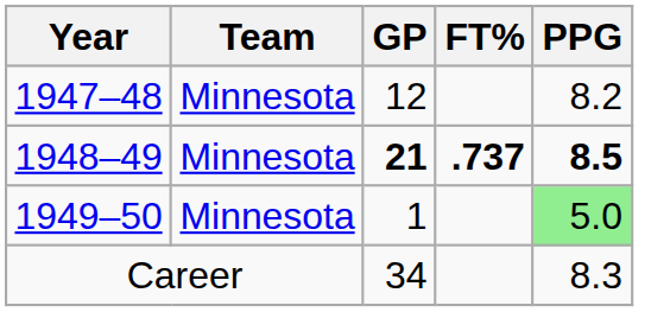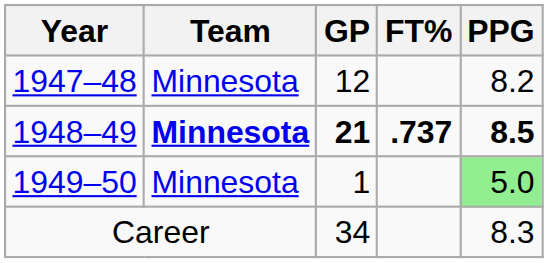 <table class="wikitable sortable" style="font-size:95%; text-align:right;">
 <tr>
 <th>Year</th>
 <th>Team</th>
 <th>GP</th>
 <th>FT%</th>
 <th>PPG</th>
 </tr>
 <tr>
 <td style="text-align:left;"><a href='#'>1947–48</a></td>
 <td style="text-align:left;"><a href='#'>Minnesota</a></td>
 <td>12</td>
 <td></td>
 <td>8.2</td>
 </tr>
 <tr>
 <td style="text-align:left;"><a href='#'>1948–49</a></td>
-<td style="text-align:left;"><a href='#'>Minnesota</a></td>
+<td style="text-align:left;"><strong><a href='#'>Minnesota</a></strong></td>
 <td><strong>21</strong></td>
 <td><strong>.737</strong></td>
 <td><strong>8.5</strong></td>
 </tr>
 <tr>
 <td style="text-align:left;"><a href='#'>1949–50</a></td>
 <td style="text-align:left;"><a href='#'>Minnesota</a></td>
 <td>1</td>
 <td></td>
 <td style="background: lightgreen;">5.0</td>
 </tr>
 <tr>
 <td colspan="2" style="text-align:center;">Career</td>
 <td>34</td>
 <td></td>
 <td>8.3</td>
 </tr>
 </table>
